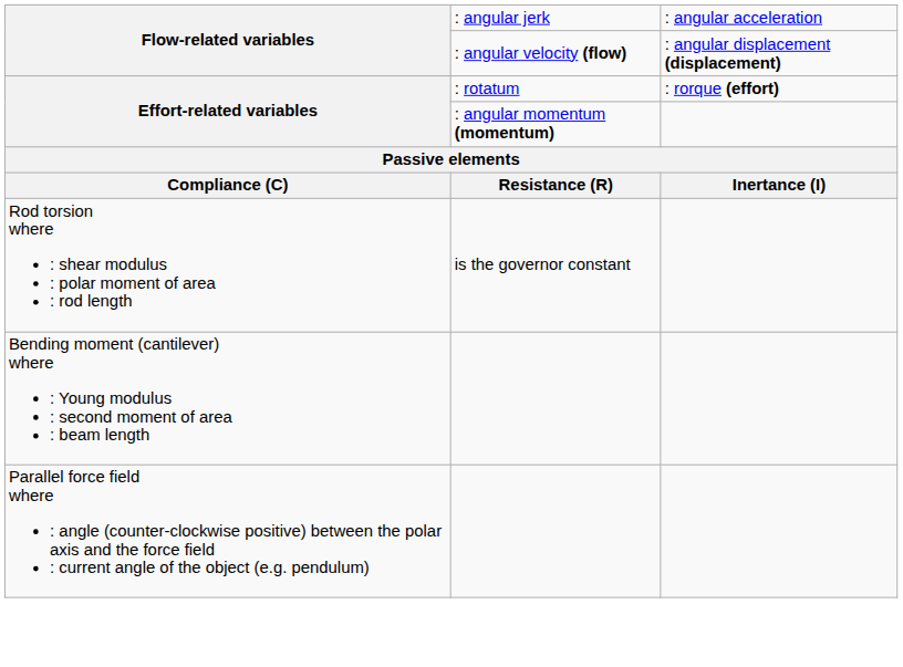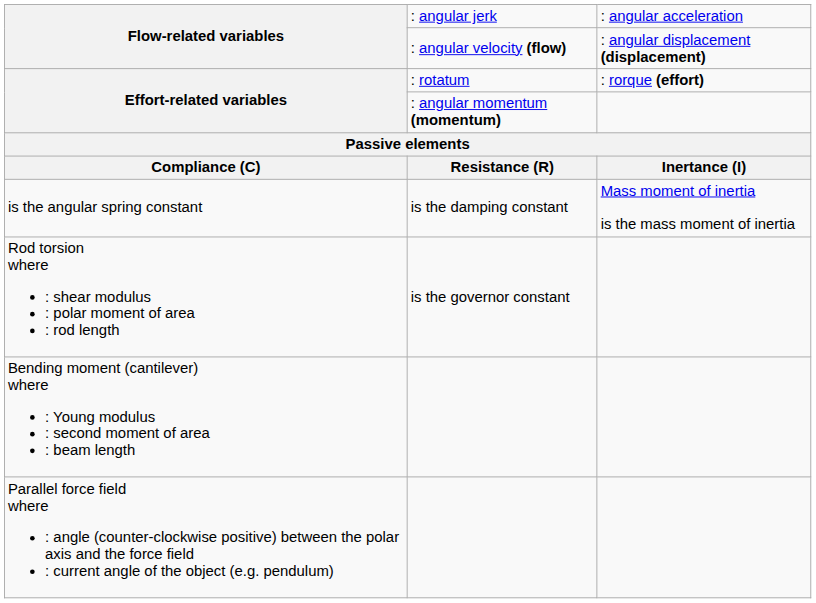 <table class="wikitable">
 <tr>
 <th rowspan="2">Flow-related variables</th>
 <td>: <a href='#'>angular jerk</a></td>
 <td>: <a href='#'>angular acceleration</a></td>
 </tr>
 <tr>
 <td>: <a href='#'>angular velocity</a> <strong>(flow)</strong></td>
 <td>: <a href='#'>angular displacement</a> <strong>(displacement)</strong></td>
 </tr>
 <tr>
 <th rowspan="2">Effort-related variables</th>
 <td>: <a href='#'>rotatum</a></td>
 <td>: <a href='#'>rorque</a> <strong>(effort)</strong></td>
 </tr>
 <tr>
 <td>: <a href='#'>angular momentum</a> <strong>(momentum)</strong></td>
 <td></td>
 </tr>
 <tr>
 <th colspan="3">Passive elements</th>
 </tr>
 <tr>
 <th>Compliance (C)</th>
 <th>Resistance (R)</th>
 <th>Inertance (I)</th>
 </tr>
 <tr>
+<td> is the angular spring constant</td>
+<td> is the damping constant</td>
+<td><a href='#'>Mass moment of inertia</a><br><strong></strong><br> is the mass moment of inertia</td>
+</tr>
+<tr>
 <td>Rod torsion<br> where<ul><li>: shear modulus</li><li>: polar moment of area</li><li>: rod length</li></ul></td>
 <td> is the governor constant</td>
 <td></td>
 </tr>
 <tr>
 <td>Bending moment (cantilever)<br> where<ul><li>: Young modulus</li><li>: second moment of area</li><li>: beam length</li></ul></td>
 <td></td>
 <td></td>
 </tr>
 <tr>
 <td>Parallel force field<br> where<ul><li>: angle (counter-clockwise positive) between the polar axis and the force field</li><li>: current angle of the object (e.g. pendulum)</li></ul></td>
 <td></td>
 <td></td>
 </tr>
 </table>
